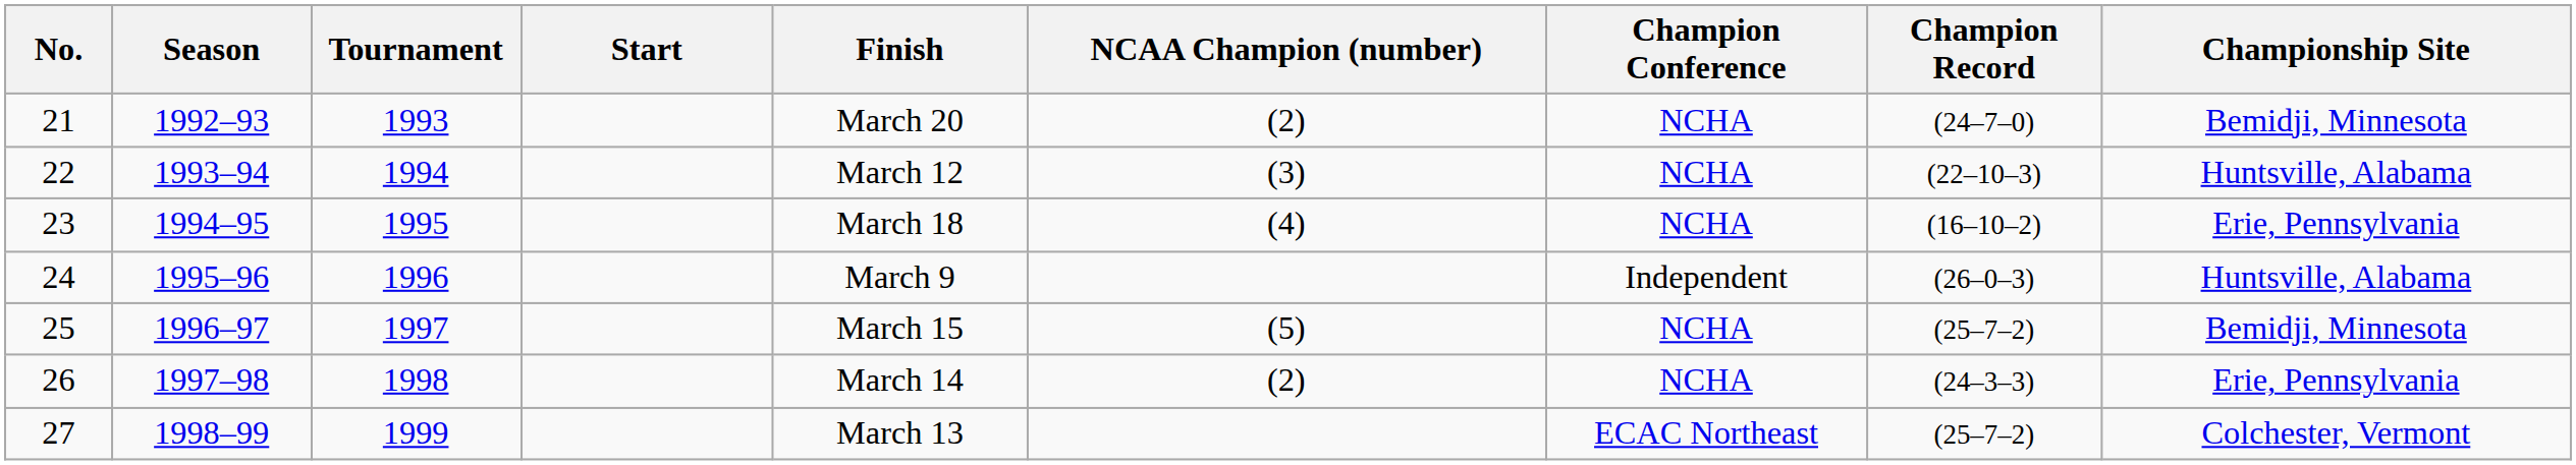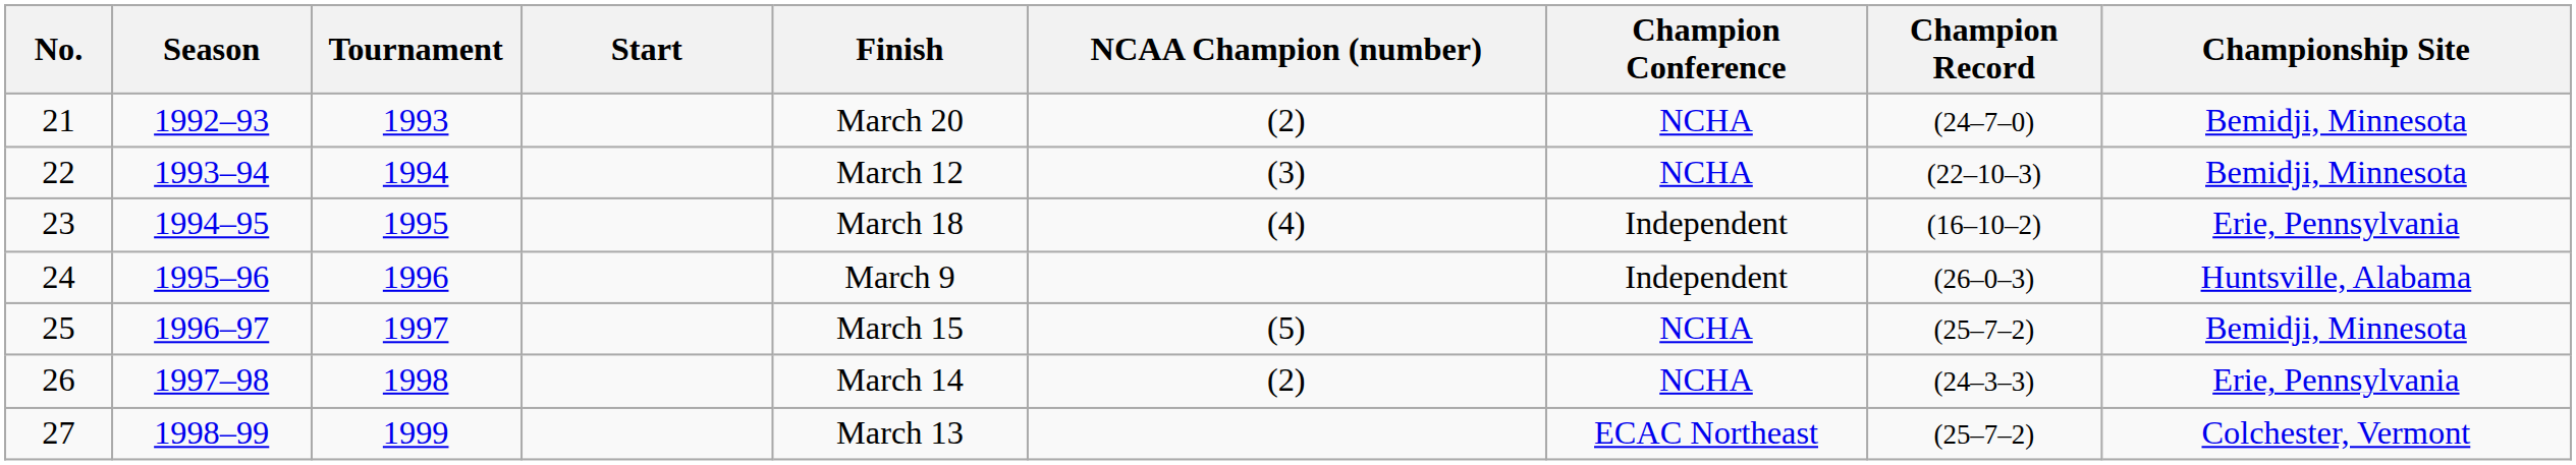 <table class="wikitable">
 <tr>
 <th style="width:3em">No.</th>
 <th style="width:6em">Season</th>
 <th style="width:6em">Tournament</th>
 <th style="width:8em">Start</th>
 <th style="width:8em">Finish</th>
 <th style="width:17em">NCAA Champion (number)</th>
 <th style="width:10em">Champion<br>Conference</th>
 <th style="width:7em">Champion<br>Record</th>
 <th style="width:15em">Championship Site</th>
 </tr>
 <tr style="text-align:center;">
 <td>21</td>
 <td><a href='#'>1992–93</a></td>
 <td><a href='#'>1993</a></td>
 <td></td>
 <td>March 20</td>
 <td><a href='#'></a> (2)</td>
 <td><a href='#'>NCHA</a></td>
 <td><small>(24–7–0)</small></td>
 <td><a href='#'>Bemidji, Minnesota</a></td>
 </tr>
 <tr style="text-align:center;">
 <td>22</td>
 <td><a href='#'>1993–94</a></td>
 <td><a href='#'>1994</a></td>
 <td></td>
 <td>March 12</td>
 <td><a href='#'></a> (3)</td>
 <td><a href='#'>NCHA</a></td>
 <td><small>(22–10–3)</small></td>
-<td><a href='#'>Huntsville, Alabama</a></td>
+<td><a href='#'>Bemidji, Minnesota</a></td>
 </tr>
 <tr style="text-align:center;">
 <td>23</td>
 <td><a href='#'>1994–95</a></td>
 <td><a href='#'>1995</a></td>
 <td></td>
 <td>March 18</td>
 <td><a href='#'></a> (4)</td>
-<td><a href='#'>NCHA</a></td>
+<td>Independent</td>
 <td><small>(16–10–2)</small></td>
 <td><a href='#'>Erie, Pennsylvania</a></td>
 </tr>
 <tr style="text-align:center;">
 <td>24</td>
 <td><a href='#'>1995–96</a></td>
 <td><a href='#'>1996</a></td>
 <td></td>
 <td>March 9</td>
 <td><a href='#'></a></td>
 <td>Independent</td>
 <td><small>(26–0–3)</small></td>
 <td><a href='#'>Huntsville, Alabama</a></td>
 </tr>
 <tr style="text-align:center;">
 <td>25</td>
 <td><a href='#'>1996–97</a></td>
 <td><a href='#'>1997</a></td>
 <td></td>
 <td>March 15</td>
 <td><a href='#'></a> (5)</td>
 <td><a href='#'>NCHA</a></td>
 <td><small>(25–7–2)</small></td>
 <td><a href='#'>Bemidji, Minnesota</a></td>
 </tr>
 <tr style="text-align:center;">
 <td>26</td>
 <td><a href='#'>1997–98</a></td>
 <td><a href='#'>1998</a></td>
 <td></td>
 <td>March 14</td>
 <td><a href='#'></a> (2)</td>
 <td><a href='#'>NCHA</a></td>
 <td><small>(24–3–3)</small></td>
 <td><a href='#'>Erie, Pennsylvania</a></td>
 </tr>
 <tr style="text-align:center;">
 <td>27</td>
 <td><a href='#'>1998–99</a></td>
 <td><a href='#'>1999</a></td>
 <td></td>
 <td>March 13</td>
 <td><a href='#'></a></td>
 <td><a href='#'>ECAC Northeast</a></td>
 <td><small>(25–7–2)</small></td>
 <td><a href='#'>Colchester, Vermont</a></td>
 </tr>
 </table>
